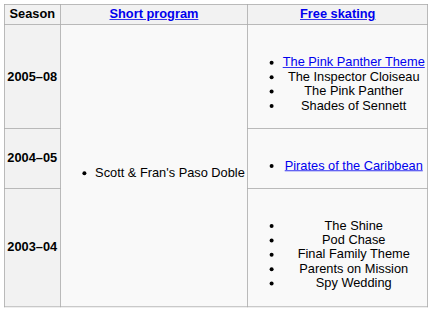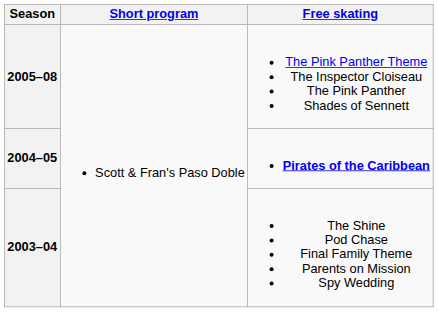 <table class=wikitable style=text-align:center>
 <tr>
 <th>Season</th>
 <th><a href='#'>Short program</a></th>
 <th><a href='#'>Free skating</a></th>
 </tr>
 <tr>
 <th>2005–08 <br> </th>
 <td rowspan=3><br><ul><li>Scott & Fran's Paso Doble <br></li></ul></td>
 <td><br><ul><li><a href='#'>The Pink Panther Theme</a> <br></li><li>The Inspector Cloiseau <br></li><li>The Pink Panther <br></li><li>Shades of Sennett <br></li></ul></td>
 </tr>
 <tr>
 <th>2004–05 <br> </th>
-<td><br><ul><li><a href='#'>Pirates of the Caribbean</a> <br></li></ul></td>
+<td><strong><br><ul><li><a href='#'>Pirates of the Caribbean</a> <br></li></ul></strong></td>
 </tr>
 <tr>
 <th>2003–04 <br> </th>
 <td><br><ul><li>The Shine <br></li><li>Pod Chase</li><li>Final Family Theme</li><li>Parents on Mission</li><li>Spy Wedding <br></li></ul></td>
 </tr>
 </table>
